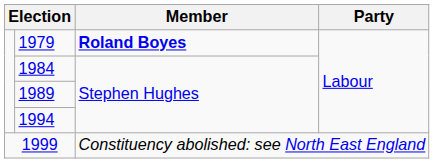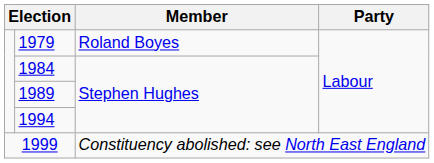 <table class="wikitable">
 <tr>
 <th colspan="2">Election</th>
 <th>Member</th>
 <th>Party</th>
 </tr>
 <tr>
 <td rowspan="4" style="background-color: "></td>
 <td><a href='#'>1979</a></td>
-<td rowspan="1"><strong><a href='#'>Roland Boyes</a></strong></td>
+<td rowspan="1"><a href='#'>Roland Boyes</a></td>
 <td rowspan="4"><a href='#'>Labour</a></td>
 </tr>
 <tr>
 <td><a href='#'>1984</a></td>
 <td rowspan="3"><a href='#'>Stephen Hughes</a></td>
 </tr>
 <tr>
 <td><a href='#'>1989</a></td>
 </tr>
 <tr>
 <td><a href='#'>1994</a></td>
 </tr>
 <tr>
 <td colspan="2" align="center"><a href='#'>1999</a></td>
 <td colspan="2"><em>Constituency abolished: see <a href='#'>North East England</a></em></td>
 </tr>
 </table>
